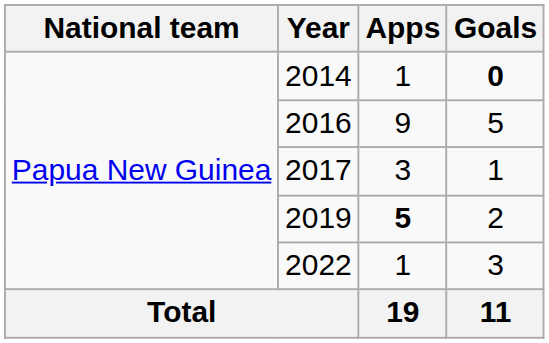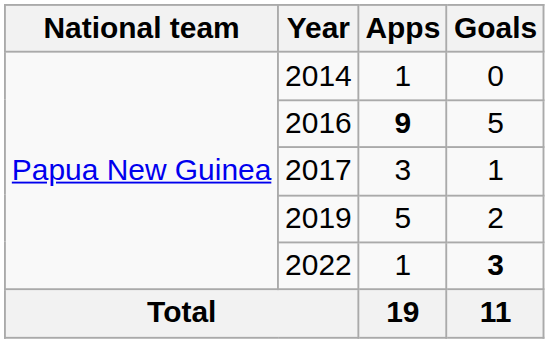 <table class="wikitable" style="text-align:center">
 <tr>
 <th>National team</th>
 <th>Year</th>
 <th>Apps</th>
 <th>Goals</th>
 </tr>
 <tr>
 <td rowspan="5"><a href='#'>Papua New Guinea</a></td>
 <td>2014</td>
 <td>1</td>
-<td><strong>0</strong></td>
+<td>0</td>
 </tr>
 <tr>
 <td>2016</td>
-<td>9</td>
+<td><strong>9</strong></td>
 <td>5</td>
 </tr>
 <tr>
 <td>2017</td>
 <td>3</td>
 <td>1</td>
 </tr>
 <tr>
 <td>2019</td>
-<td><strong>5</strong></td>
+<td>5</td>
 <td>2</td>
 </tr>
 <tr>
 <td>2022</td>
 <td>1</td>
-<td>3</td>
+<td><strong>3</strong></td>
 </tr>
 <tr>
 <th colspan="2">Total</th>
 <th>19</th>
 <th>11</th>
 </tr>
 </table>
